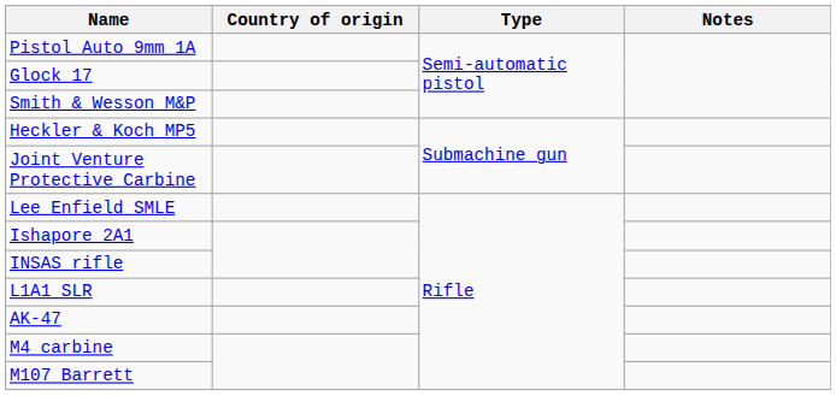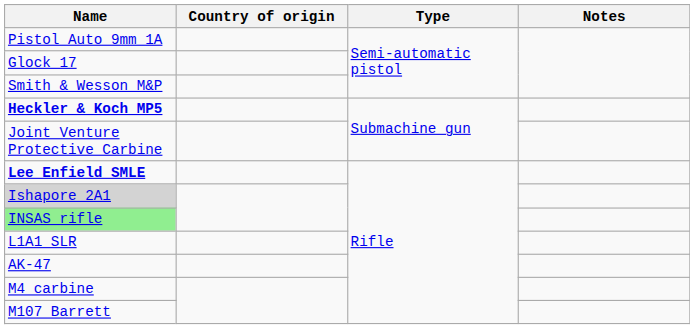 <table class="wikitable" width="100%" border="0">
 <tr>
 <th width="25%">Name</th>
 <th width="25%">Country of origin</th>
 <th width="25%">Type</th>
 <th>Notes</th>
 </tr>
 <tr>
 <td><a href='#'>Pistol Auto 9mm 1A</a></td>
 <td></td>
 <td rowspan="3"><a href='#'>Semi-automatic pistol</a></td>
 <td rowspan="3"></td>
 </tr>
 <tr>
 <td><a href='#'>Glock 17</a></td>
 <td></td>
 </tr>
 <tr>
 <td><a href='#'>Smith & Wesson M&P</a></td>
 <td></td>
 </tr>
 <tr>
-<td><a href='#'>Heckler & Koch MP5</a></td>
+<td><strong><a href='#'>Heckler & Koch MP5</a></strong></td>
 <td></td>
 <td rowspan="2"><a href='#'>Submachine gun</a></td>
 <td></td>
 </tr>
 <tr>
 <td><a href='#'>Joint Venture Protective Carbine</a></td>
 <td></td>
 <td></td>
 </tr>
 <tr>
-<td><a href='#'>Lee Enfield SMLE</a></td>
+<td><strong><a href='#'>Lee Enfield SMLE</a></strong></td>
 <td></td>
 <td rowspan="7"><a href='#'>Rifle</a></td>
 <td></td>
 </tr>
 <tr>
-<td><a href='#'>Ishapore 2A1</a></td>
+<td style="background: lightgrey;"><a href='#'>Ishapore 2A1</a></td>
 <td rowspan="2"></td>
 <td></td>
 </tr>
 <tr>
-<td><a href='#'>INSAS rifle</a></td>
+<td style="background: lightgreen;"><a href='#'>INSAS rifle</a></td>
 <td></td>
 </tr>
 <tr>
 <td><a href='#'>L1A1 SLR</a></td>
 <td></td>
 <td></td>
 </tr>
 <tr>
 <td><a href='#'>AK-47</a></td>
 <td></td>
 <td></td>
 </tr>
 <tr>
 <td><a href='#'>M4 carbine</a></td>
 <td rowspan="2"></td>
 <td></td>
 </tr>
 <tr>
 <td><a href='#'>M107 Barrett</a></td>
 <td></td>
 </tr>
 </table>
